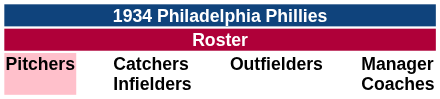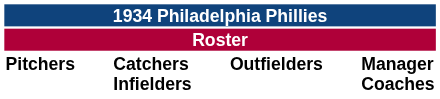 <table class="toccolours" style="font-size: 95%;">
 <tr>
 <th colspan="10" style="background-color: #0f437c; color: white; text-align: center;">1934 Philadelphia Phillies</th>
 </tr>
 <tr>
 <td colspan="10" style="background-color: #af0039; color: white; text-align: center;"><strong>Roster</strong></td>
 </tr>
 <tr>
-<td valign="top" style="background: pink;"><strong>Pitchers</strong><br>             </td>
+<td valign="top"><strong>Pitchers</strong><br>             </td>
 <td width="25px"></td>
 <td valign="top"><strong>Catchers</strong><br>   <strong>Infielders</strong>          </td>
 <td width="25px"></td>
 <td valign="top"><strong>Outfielders</strong><br>          </td>
 <td width="25px"></td>
 <td valign="top"><strong>Manager</strong><br> <strong>Coaches</strong>  </td>
 </tr>
 </table>
